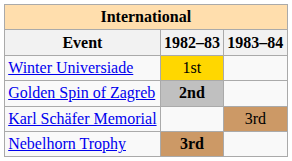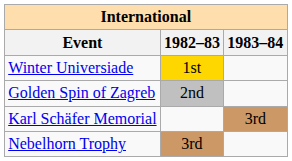 <table class="wikitable" style="text-align:center">
 <tr>
 <th style="background-color: #ffdead; " colspan=3 align=center>International</th>
 </tr>
 <tr>
 <th>Event</th>
 <th>1982–83</th>
 <th>1983–84</th>
 </tr>
 <tr>
 <td align=left><a href='#'>Winter Universiade</a></td>
 <td bgcolor=gold>1st</td>
 <td></td>
 </tr>
 <tr>
 <td align=left><a href='#'>Golden Spin of Zagreb</a></td>
-<td bgcolor=silver><strong>2nd</strong></td>
+<td bgcolor=silver>2nd</td>
 <td></td>
 </tr>
 <tr>
 <td align=left><a href='#'>Karl Schäfer Memorial</a></td>
 <td></td>
 <td bgcolor=cc9966>3rd</td>
 </tr>
 <tr>
 <td align=left><a href='#'>Nebelhorn Trophy</a></td>
-<td bgcolor=cc9966><strong>3rd</strong></td>
+<td bgcolor=cc9966>3rd</td>
 <td></td>
 </tr>
 </table>
